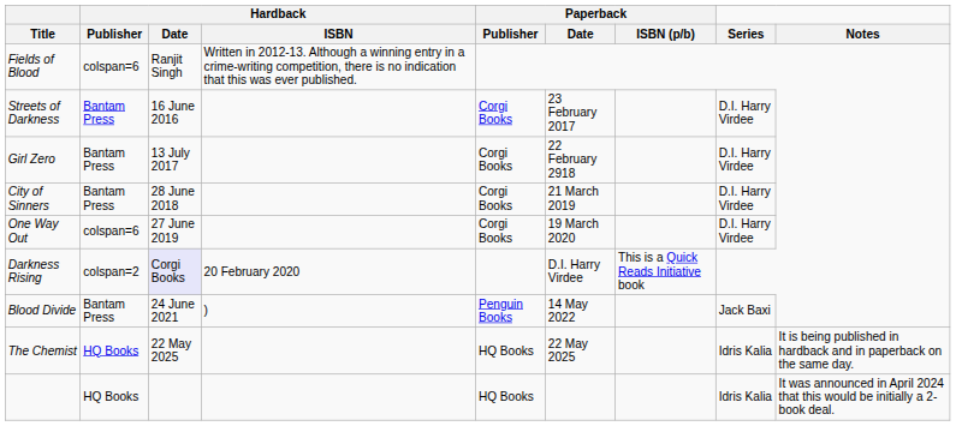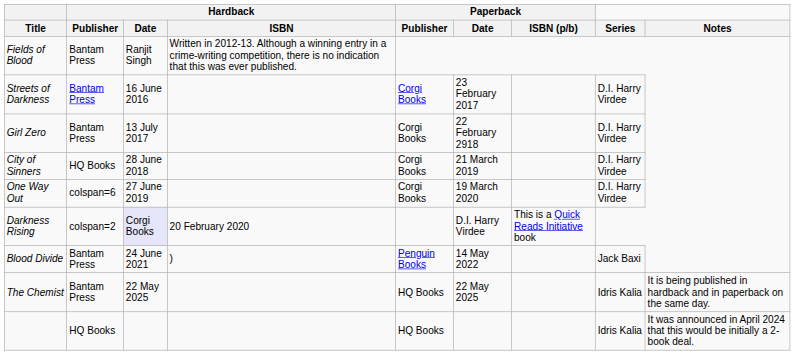 <table class=wikitable>
 <tr>
 <th> </th>
 <th colspan=3>Hardback</th>
 <th colspan=3>Paperback</th>
 </tr>
 <tr>
 <th>Title</th>
 <th>Publisher</th>
 <th>Date</th>
 <th>ISBN</th>
 <th>Publisher</th>
 <th>Date</th>
 <th>ISBN (p/b)</th>
 <th>Series</th>
 <th>Notes</th>
 </tr>
 <tr>
 <td><em>Fields of Blood</em></td>
-<td>colspan=6 </td>
+<td>Bantam Press</td>
 <td>Ranjit Singh</td>
 <td>Written in 2012-13. Although a winning entry in a crime-writing competition, there is no indication that this was ever published.</td>
 </tr>
 <tr>
 <td><em>Streets of Darkness</em></td>
 <td><a href='#'>Bantam Press</a></td>
 <td>16 June 2016</td>
 <td></td>
 <td><a href='#'>Corgi Books</a></td>
 <td>23 February 2017</td>
 <td></td>
 <td>D.I. Harry Virdee</td>
 </tr>
 <tr>
 <td><em>Girl Zero</em></td>
 <td>Bantam Press</td>
 <td>13 July 2017</td>
 <td></td>
 <td>Corgi Books</td>
 <td>22 February 2918</td>
 <td></td>
 <td>D.I. Harry Virdee</td>
 </tr>
 <tr>
 <td><em>City of Sinners</em></td>
-<td>Bantam Press</td>
+<td>HQ Books</td>
 <td>28 June 2018</td>
 <td></td>
 <td>Corgi Books</td>
 <td>21 March 2019</td>
 <td></td>
 <td>D.I. Harry Virdee</td>
 </tr>
 <tr>
 <td><em>One Way Out</em></td>
 <td>colspan=6 </td>
 <td>27 June 2019</td>
 <td></td>
 <td>Corgi Books</td>
 <td>19 March 2020</td>
 <td></td>
 <td>D.I. Harry Virdee</td>
 </tr>
 <tr>
 <td><em>Darkness Rising</em></td>
 <td>colspan=2 </td>
 <td style="background: lavender;">Corgi Books</td>
 <td>20 February 2020</td>
 <td></td>
 <td>D.I. Harry Virdee</td>
 <td>This is a <a href='#'>Quick Reads Initiative</a> book</td>
 </tr>
 <tr>
 <td><em>Blood Divide</em></td>
 <td>Bantam Press</td>
 <td>24 June 2021</td>
 <td>)</td>
 <td><a href='#'>Penguin Books</a></td>
 <td>14 May 2022</td>
 <td></td>
 <td>Jack Baxi</td>
 </tr>
 <tr>
 <td><em>The Chemist</em></td>
-<td><a href='#'>HQ Books</a></td>
+<td>Bantam Press</td>
 <td>22 May 2025</td>
 <td></td>
 <td>HQ Books</td>
 <td>22 May 2025</td>
 <td></td>
 <td>Idris Kalia</td>
 <td>It is being published in hardback and in paperback on the same day.</td>
 </tr>
 <tr>
 <td> </td>
 <td>HQ Books</td>
 <td> </td>
 <td> </td>
 <td>HQ Books</td>
 <td> </td>
 <td> </td>
 <td>Idris Kalia</td>
 <td>It was announced in April 2024 that this would be initially a 2-book deal.</td>
 </tr>
 </table>
